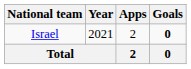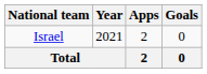 <table class="wikitable" style="text-align:center">
 <tr>
 <th>National team</th>
 <th>Year</th>
 <th>Apps</th>
 <th>Goals</th>
 </tr>
 <tr>
 <td rowspan="1"><a href='#'>Israel</a></td>
 <td>2021</td>
 <td>2</td>
-<td><strong>0</strong></td>
+<td>0</td>
 </tr>
 <tr>
 <th colspan="2">Total</th>
 <th>2</th>
 <th>0</th>
 </tr>
 </table>
